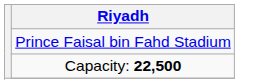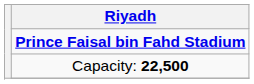 <table class="wikitable" style="text-align:center">
 <tr>
 <th rowspan="4"></th>
 <th><a href='#'>Riyadh</a></th>
 </tr>
 <tr>
-<td><a href='#'>Prince Faisal bin Fahd Stadium</a></td>
+<td><strong><a href='#'>Prince Faisal bin Fahd Stadium</a></strong></td>
 </tr>
 <tr>
 <td>Capacity: <strong>22,500</strong></td>
 </tr>
 <tr>
 </tr>
 </table>
